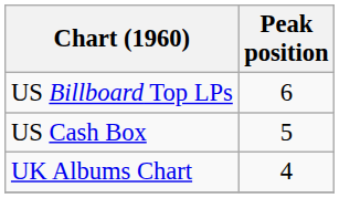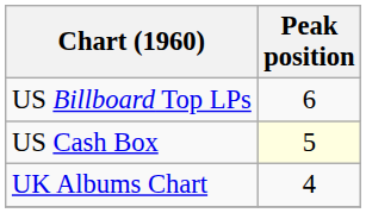 <table class="wikitable">
 <tr>
 <th>Chart (1960)</th>
 <th>Peak<br>position</th>
 </tr>
 <tr>
 <td>US <a href='#'><em>Billboard</em> Top LPs</a></td>
 <td align="center">6</td>
 </tr>
 <tr>
 <td>US <a href='#'>Cash Box</a></td>
-<td align="center">5</td>
+<td align="center" style="background: lightyellow;">5</td>
 </tr>
 <tr>
 <td><a href='#'>UK Albums Chart</a></td>
 <td align="center">4</td>
 </tr>
 <tr>
 </tr>
 </table>
